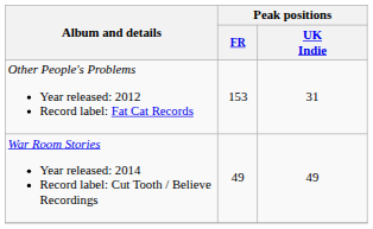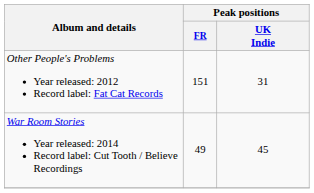 <table class="wikitable">
 <tr>
 <th align="center" rowspan="2" width="260">Album and details</th>
 <th align="center" colspan="2" width="180">Peak positions</th>
 </tr>
 <tr>
 <th scope="col" style="width:3em;font-size:90%;"><a href='#'>FR</a><br></th>
 <th><a href='#'>UK<br>Indie</a><br></th>
 </tr>
 <tr>
 <td><em>Other People's Problems</em><br><ul><li>Year released: 2012</li><li>Record label: <a href='#'>Fat Cat Records</a></li></ul></td>
-<td style="text-align:center;">153</td>
+<td style="text-align:center;">151</td>
 <td style="text-align:center;">31</td>
 </tr>
 <tr>
 <td><em><a href='#'>War Room Stories</a></em><br><ul><li>Year released: 2014</li><li>Record label: Cut Tooth / Believe Recordings</li></ul></td>
 <td style="text-align:center;">49</td>
-<td style="text-align:center;">49</td>
+<td style="text-align:center;">45</td>
 </tr>
 <tr>
 </tr>
 </table>
